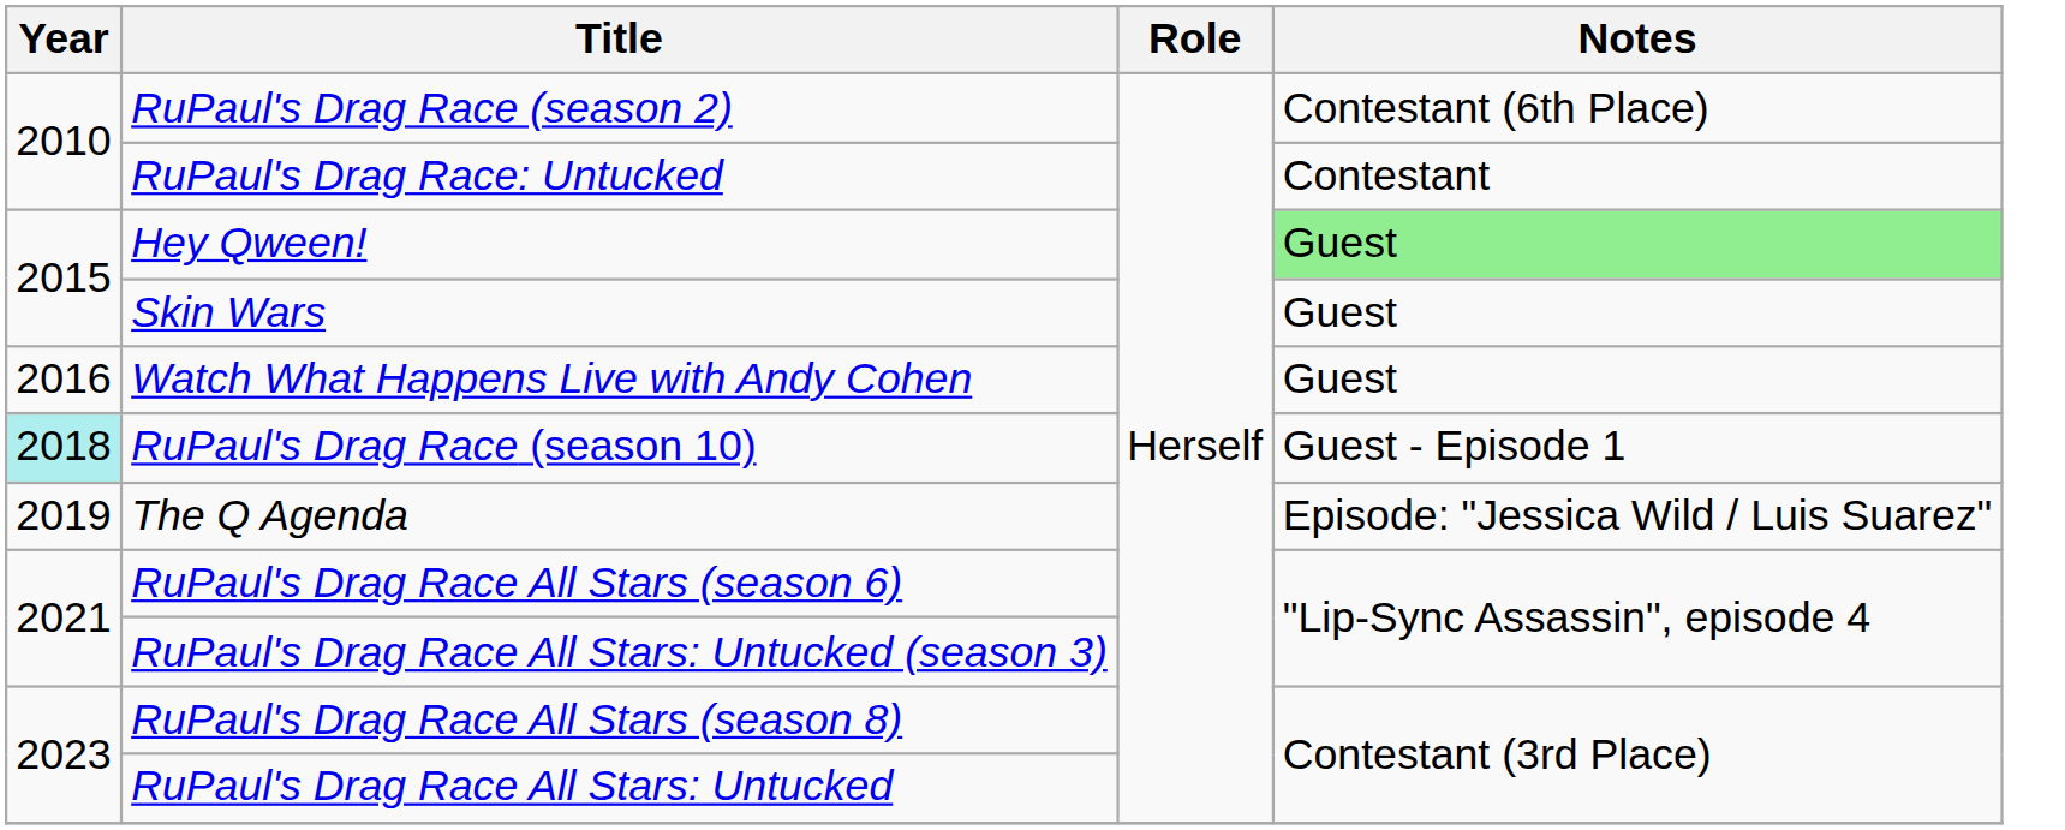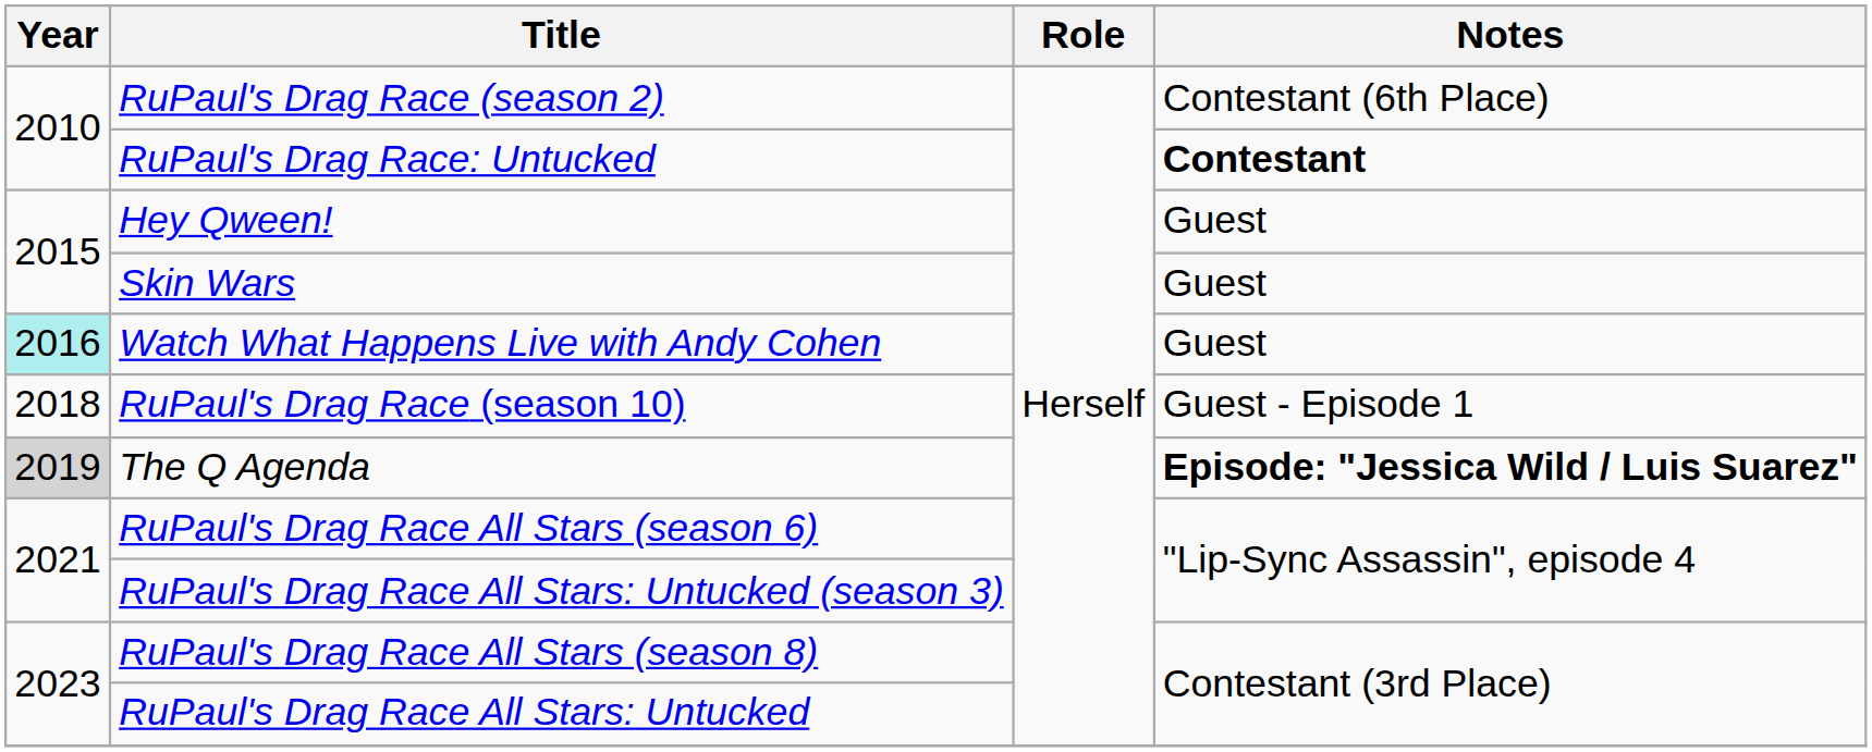 <table class="wikitable sortable">
 <tr>
 <th>Year</th>
 <th>Title</th>
 <th>Role</th>
 <th class="unsortable">Notes</th>
 </tr>
 <tr>
 <td rowspan="2">2010</td>
 <td><em><a href='#'>RuPaul's Drag Race (season 2)</a></em></td>
 <td rowspan="11">Herself</td>
 <td>Contestant (6th Place)</td>
 </tr>
 <tr>
 <td scope="row"><em><a href='#'>RuPaul's Drag Race: Untucked</a></em></td>
-<td>Contestant</td>
+<td><strong>Contestant</strong></td>
 </tr>
 <tr>
 <td rowspan="2">2015</td>
 <td><em><a href='#'>Hey Qween!</a></em></td>
-<td style="background: lightgreen;">Guest</td>
+<td>Guest</td>
 </tr>
 <tr>
 <td><em><a href='#'>Skin Wars</a></em></td>
 <td>Guest</td>
 </tr>
 <tr>
-<td>2016</td>
+<td style="background: paleturquoise;">2016</td>
 <td><em><a href='#'>Watch What Happens Live with Andy Cohen</a></em></td>
 <td>Guest</td>
 </tr>
 <tr>
-<td style="background: paleturquoise;">2018</td>
+<td>2018</td>
 <td><a href='#'><em>RuPaul's Drag Race</em> (season 10)</a></td>
 <td>Guest - Episode 1</td>
 </tr>
 <tr>
-<td>2019</td>
+<td style="background: lightgrey;">2019</td>
 <td><em>The Q Agenda</em></td>
-<td>Episode: "Jessica Wild / Luis Suarez"</td>
+<td><strong>Episode: "Jessica Wild / Luis Suarez"</strong></td>
 </tr>
 <tr>
 <td rowspan="2">2021</td>
 <td><em> <a href='#'>RuPaul's Drag Race All Stars (season 6)</a></em></td>
 <td rowspan="2">"Lip-Sync Assassin", episode 4</td>
 </tr>
 <tr>
 <td><em> <a href='#'>RuPaul's Drag Race All Stars: Untucked (season 3)</a></em></td>
 </tr>
 <tr>
 <td rowspan="2">2023</td>
 <td><em><a href='#'>RuPaul's Drag Race All Stars (season 8)</a></em></td>
 <td rowspan="2">Contestant (3rd Place)</td>
 </tr>
 <tr>
 <td scope="row"><em> <a href='#'>RuPaul's Drag Race All Stars: Untucked</a></em></td>
 </tr>
 <tr>
 </tr>
 </table>
